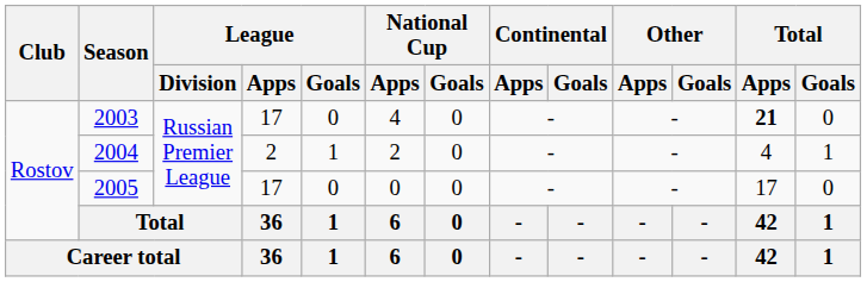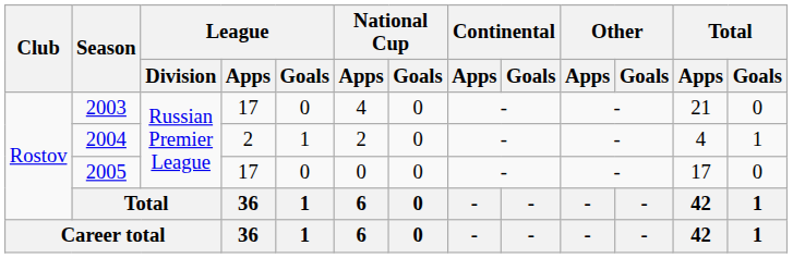 <table class="wikitable" style="text-align: center">
 <tr>
 <th rowspan="2">Club</th>
 <th rowspan="2">Season</th>
 <th colspan="3">League</th>
 <th colspan="2">National Cup</th>
 <th colspan="2">Continental</th>
 <th colspan="2">Other</th>
 <th colspan="2">Total</th>
 </tr>
 <tr>
 <th>Division</th>
 <th>Apps</th>
 <th>Goals</th>
 <th>Apps</th>
 <th>Goals</th>
 <th>Apps</th>
 <th>Goals</th>
 <th>Apps</th>
 <th>Goals</th>
 <th>Apps</th>
 <th>Goals</th>
 </tr>
 <tr>
 <td rowspan="4"><a href='#'>Rostov</a></td>
 <td><a href='#'>2003</a></td>
 <td rowspan="3"><a href='#'>Russian Premier League</a></td>
 <td>17</td>
 <td>0</td>
 <td>4</td>
 <td>0</td>
 <td colspan="2">-</td>
 <td colspan="2">-</td>
-<td><strong>21</strong></td>
+<td>21</td>
 <td>0</td>
 </tr>
 <tr>
 <td><a href='#'>2004</a></td>
 <td>2</td>
 <td>1</td>
 <td>2</td>
 <td>0</td>
 <td colspan="2">-</td>
 <td colspan="2">-</td>
 <td>4</td>
 <td>1</td>
 </tr>
 <tr>
 <td><a href='#'>2005</a></td>
 <td>17</td>
 <td>0</td>
 <td>0</td>
 <td>0</td>
 <td colspan="2">-</td>
 <td colspan="2">-</td>
 <td>17</td>
 <td>0</td>
 </tr>
 <tr>
 <th colspan="2">Total</th>
 <th>36</th>
 <th>1</th>
 <th>6</th>
 <th>0</th>
 <th>-</th>
 <th>-</th>
 <th>-</th>
 <th>-</th>
 <th>42</th>
 <th>1</th>
 </tr>
 <tr>
 <th colspan="3">Career total</th>
 <th>36</th>
 <th>1</th>
 <th>6</th>
 <th>0</th>
 <th>-</th>
 <th>-</th>
 <th>-</th>
 <th>-</th>
 <th>42</th>
 <th>1</th>
 </tr>
 </table>
